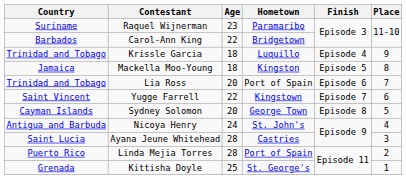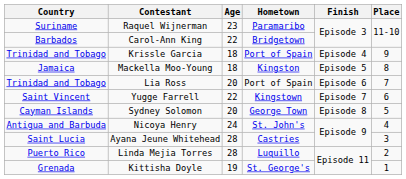 <table class="wikitable sortable" style="text-align:center;">
 <tr>
 <th>Country</th>
 <th>Contestant</th>
 <th>Age</th>
 <th>Hometown</th>
 <th>Finish</th>
 <th>Place</th>
 </tr>
 <tr>
 <td><a href='#'>Suriname</a></td>
 <td>Raquel Wijnerman</td>
 <td>23</td>
 <td><a href='#'>Paramaribo</a></td>
 <td rowspan="2">Episode 3</td>
 <td rowspan="2">11-10</td>
 </tr>
 <tr>
 <td><a href='#'>Barbados</a></td>
 <td>Carol-Ann King</td>
 <td>22</td>
 <td><a href='#'>Bridgetown</a></td>
 </tr>
 <tr>
 <td><a href='#'>Trinidad and Tobago</a></td>
 <td>Krissle Garcia</td>
 <td>18</td>
-<td><a href='#'>Luquillo</a></td>
+<td><a href='#'>Port of Spain</a></td>
 <td>Episode 4</td>
 <td>9</td>
 </tr>
 <tr>
 <td><a href='#'>Jamaica</a></td>
 <td>Mackella Moo-Young</td>
 <td>18</td>
 <td><a href='#'>Kingston</a></td>
 <td>Episode 5</td>
 <td>8</td>
 </tr>
 <tr>
 <td><a href='#'>Trinidad and Tobago</a></td>
 <td>Lia Ross</td>
 <td>20</td>
 <td>Port of Spain</td>
 <td>Episode 6</td>
 <td>7</td>
 </tr>
 <tr>
 <td><a href='#'>Saint Vincent</a></td>
 <td>Yugge Farrell</td>
 <td>22</td>
 <td><a href='#'>Kingstown</a></td>
 <td>Episode 7</td>
 <td>6</td>
 </tr>
 <tr>
 <td><a href='#'>Cayman Islands</a></td>
 <td>Sydney Solomon</td>
 <td>20</td>
 <td><a href='#'>George Town</a></td>
 <td>Episode 8</td>
 <td>5</td>
 </tr>
 <tr>
 <td><a href='#'>Antigua and Barbuda</a></td>
 <td>Nicoya Henry</td>
 <td>24</td>
 <td><a href='#'>St. John's</a></td>
 <td rowspan="2">Episode 9</td>
 <td>4</td>
 </tr>
 <tr>
 <td><a href='#'>Saint Lucia</a></td>
 <td>Ayana Jeune Whitehead</td>
 <td>28</td>
 <td><a href='#'>Castries</a></td>
 <td>3</td>
 </tr>
 <tr>
 <td><a href='#'>Puerto Rico</a></td>
 <td>Linda Mejia Torres</td>
 <td>28</td>
-<td><a href='#'>Port of Spain</a></td>
+<td><a href='#'>Luquillo</a></td>
 <td rowspan="3">Episode 11</td>
 <td>2</td>
 </tr>
 <tr>
 <td><a href='#'>Grenada</a></td>
 <td>Kittisha Doyle</td>
-<td>25</td>
+<td>19</td>
 <td><a href='#'>St. George's</a></td>
 <td>1</td>
 </tr>
 </table>
